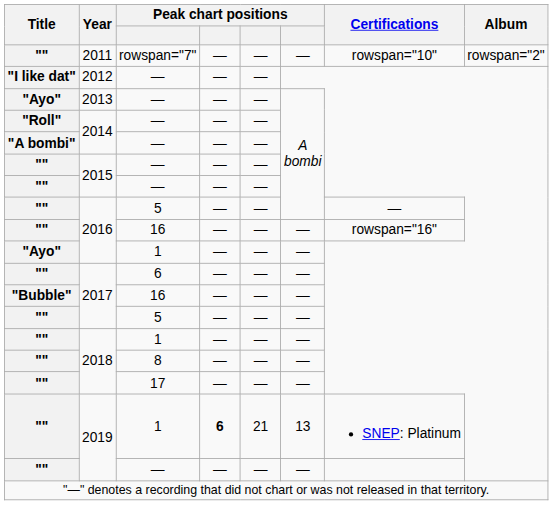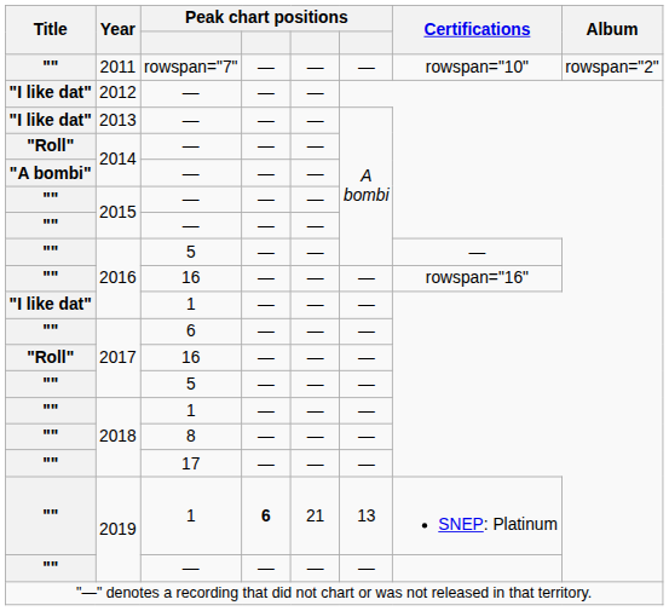 <table class="wikitable plainrowheaders" style="text-align:center;">
 <tr>
 <th scope="col" rowspan="2">Title</th>
 <th scope="col" rowspan="2">Year</th>
 <th scope="col" colspan="4">Peak chart positions</th>
 <th scope="col" rowspan="2"><a href='#'>Certifications</a></th>
 <th scope="col" rowspan="2">Album</th>
 </tr>
 <tr>
 <th style="width:3em; font-size:85%;"><a href='#'></a><br></th>
 <th style="width:3em; font-size:85%;"><a href='#'></a><br></th>
 <th style="width:3em; font-size:85%;"><a href='#'></a><br></th>
 <th style="width:3em; font-size:85%;"><a href='#'></a><br></th>
 </tr>
 <tr>
 <th scope="row">""</th>
 <td rowspan="1">2011</td>
 <td>rowspan="7" </td>
 <td>—</td>
 <td>—</td>
 <td>—</td>
 <td>rowspan="10" </td>
 <td>rowspan="2" </td>
 </tr>
 <tr>
 <th scope="row">"I like dat"</th>
 <td rowspan="1">2012</td>
 <td>—</td>
 <td>—</td>
 <td>—</td>
 </tr>
 <tr>
-<th scope="row">"Ayo"</th>
+<th scope="row">"I like dat"</th>
 <td>2013</td>
 <td>—</td>
 <td>—</td>
 <td>—</td>
 <td rowspan="6"><em>A bombi</em></td>
 </tr>
 <tr>
 <th scope="row">"Roll"<br></th>
 <td rowspan="2">2014</td>
 <td>—</td>
 <td>—</td>
 <td>—</td>
 </tr>
 <tr>
 <th scope="row">"A bombi"<br></th>
 <td>—</td>
 <td>—</td>
 <td>—</td>
 </tr>
 <tr>
 <th scope="row">""</th>
 <td rowspan="2">2015</td>
 <td>—</td>
 <td>—</td>
 <td>—</td>
 </tr>
 <tr>
 <th scope="row">""</th>
 <td>—</td>
 <td>—</td>
 <td>—</td>
 </tr>
 <tr>
 <th scope="row">""</th>
 <td rowspan="3">2016</td>
 <td>5</td>
 <td>—</td>
 <td>—</td>
 <td>—</td>
 </tr>
 <tr>
 <th scope="row">""</th>
 <td>16</td>
 <td>—</td>
 <td>—</td>
 <td>—</td>
 <td>rowspan="16" </td>
 </tr>
 <tr>
-<th scope="row">"Ayo"</th>
+<th scope="row">"I like dat"</th>
 <td>1</td>
 <td>—</td>
 <td>—</td>
 <td>—</td>
 </tr>
 <tr>
 <th scope="row">""<br></th>
 <td rowspan="3">2017</td>
 <td>6</td>
 <td>—</td>
 <td>—</td>
 <td>—</td>
 </tr>
 <tr>
-<th scope="row">"Bubble"</th>
+<th scope="row">"Roll"<br></th>
 <td>16</td>
 <td>—</td>
 <td>—</td>
 <td>—</td>
 </tr>
 <tr>
 <th scope="row">""</th>
 <td>5</td>
 <td>—</td>
 <td>—</td>
 <td>—</td>
 </tr>
 <tr>
 <th scope="row">""<br></th>
 <td rowspan="3">2018</td>
 <td>1</td>
 <td>—</td>
 <td>—</td>
 <td>—</td>
 </tr>
 <tr>
 <th scope="row">""</th>
 <td>8</td>
 <td>—</td>
 <td>—</td>
 <td>—</td>
 </tr>
 <tr>
 <th scope="row">""</th>
 <td>17</td>
 <td>—</td>
 <td>—</td>
 <td>—</td>
 </tr>
 <tr>
 <th scope="row">""<br></th>
 <td rowspan="2">2019</td>
 <td>1</td>
 <td><strong>6</strong></td>
 <td>21</td>
 <td>13</td>
 <td><br><ul><li><a href='#'>SNEP</a>: Platinum</li></ul></td>
 </tr>
 <tr>
 <th scope="row">""<br></th>
 <td>—</td>
 <td>—</td>
 <td>—</td>
 <td>—</td>
 <td></td>
 </tr>
 <tr>
 <td colspan="8" style="font-size:90%">"—" denotes a recording that did not chart or was not released in that territory.</td>
 </tr>
 </table>
